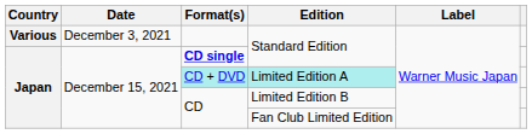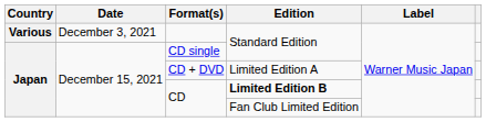 <table class="wikitable plainrowheaders" border="1">
 <tr>
 <th>Country</th>
 <th>Date</th>
 <th>Format(s)</th>
 <th>Edition</th>
 <th>Label</th>
 <th></th>
 </tr>
 <tr>
 <th scope="row">Various</th>
 <td>December 3, 2021</td>
 <td></td>
 <td rowspan="2">Standard Edition</td>
 <td rowspan="5"><a href='#'>Warner Music Japan</a></td>
 <td style="text-align:center;"></td>
 </tr>
 <tr>
 <th scope="row" rowspan="4">Japan</th>
 <td rowspan="4">December 15, 2021</td>
-<td><strong><a href='#'>CD single</a></strong></td>
+<td><a href='#'>CD single</a></td>
 <td style="text-align:center;"></td>
 </tr>
 <tr>
-<td style="background: paleturquoise;"><a href='#'>CD</a> + <a href='#'>DVD</a></td>
-<td style="background: paleturquoise;">Limited Edition A</td>
+<td><a href='#'>CD</a> + <a href='#'>DVD</a></td>
+<td>Limited Edition A</td>
 <td style="text-align:center;"></td>
 </tr>
 <tr>
 <td rowspan="2">CD</td>
-<td>Limited Edition B</td>
+<td><strong>Limited Edition B</strong></td>
 <td style="text-align:center;"></td>
 </tr>
 <tr>
 <td>Fan Club Limited Edition</td>
 <td style="text-align:center;"></td>
 </tr>
 </table>
